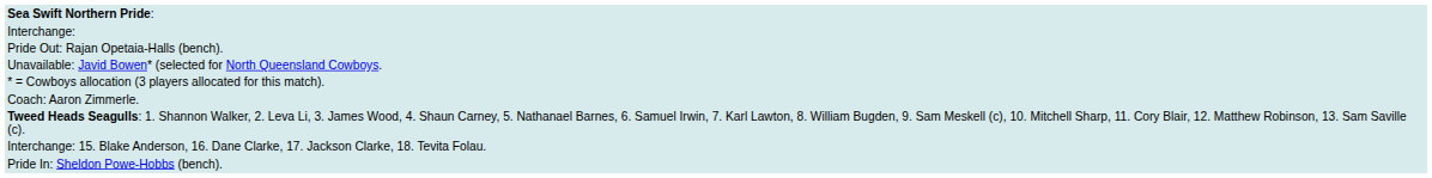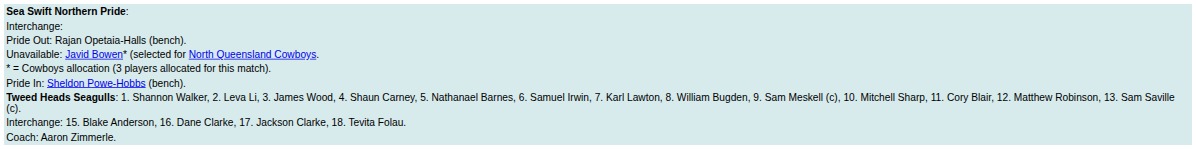 <table style="background:#d7ebed; font-size:85%; width:100%;">
 <tr>
 <td><strong>Sea Swift Northern Pride</strong>:             </td>
 </tr>
 <tr>
 <td>Interchange:    </td>
 </tr>
 <tr>
 <td>Pride Out: Rajan Opetaia-Halls (bench).</td>
 </tr>
 <tr>
 <td>Unavailable: <a href='#'>Javid Bowen</a>* (selected for <a href='#'>North Queensland Cowboys</a>.</td>
 </tr>
 <tr>
 <td>* = Cowboys allocation (3 players allocated for this match).</td>
 </tr>
 <tr>
-<td>Coach: Aaron Zimmerle.</td>
+<td>Pride In: <a href='#'>Sheldon Powe-Hobbs</a> (bench).</td>
 </tr>
 <tr>
 <td><strong>Tweed Heads Seagulls</strong>: 1. Shannon Walker, 2. Leva Li, 3. James Wood, 4. Shaun Carney, 5. Nathanael Barnes, 6. Samuel Irwin, 7. Karl Lawton, 8. William Bugden, 9. Sam Meskell (c), 10. Mitchell Sharp, 11. Cory Blair, 12. Matthew Robinson, 13. Sam Saville (c).</td>
 </tr>
 <tr>
 <td>Interchange: 15. Blake Anderson, 16. Dane Clarke, 17. Jackson Clarke, 18. Tevita Folau.</td>
 </tr>
 <tr>
-<td>Pride In: <a href='#'>Sheldon Powe-Hobbs</a> (bench).</td>
+<td>Coach: Aaron Zimmerle.</td>
 </tr>
 </table>
